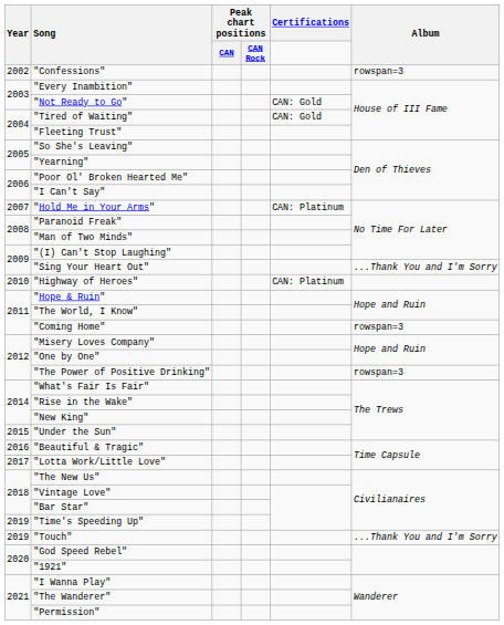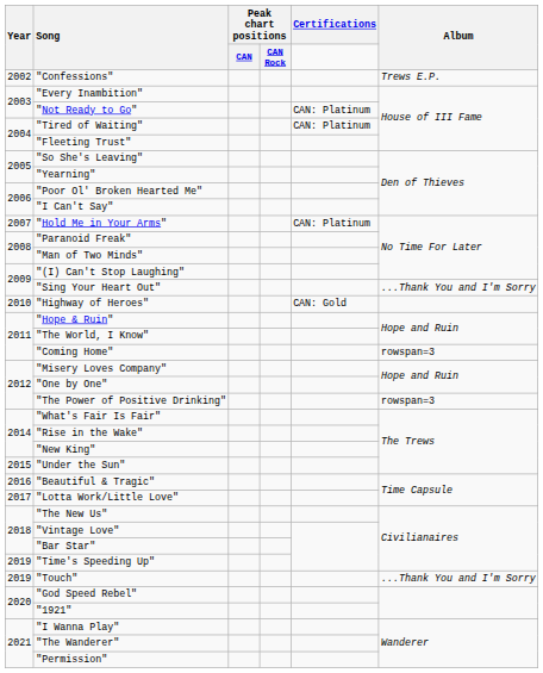 <table class="wikitable">
 <tr>
 <th style="text-align:center;" rowspan="2">Year</th>
 <th style="text-align:left;" rowspan="2">Song</th>
 <th scope="col" colspan="2">Peak chart positions</th>
 <th scope="col"><a href='#'>Certifications</a></th>
 <th style="text-align:center;" rowspan="2">Album</th>
 </tr>
 <tr>
 <th scope="col" style="width:3em;font-size:90%;"><a href='#'>CAN</a><br></th>
 <th scope="col" style="width:3em;font-size:90%;"><a href='#'>CAN<br>Rock</a><br></th>
 </tr>
 <tr>
 <td>2002</td>
 <td>"Confessions"</td>
 <td></td>
 <td></td>
 <td></td>
-<td>rowspan=3 </td>
+<td><em>Trews E.P.</em></td>
 </tr>
 <tr>
 <td rowspan="2">2003</td>
 <td>"Every Inambition"</td>
 <td></td>
 <td></td>
 <td></td>
 <td rowspan="4"><em>House of III Fame</em></td>
 </tr>
 <tr>
 <td>"<a href='#'>Not Ready to Go</a>"</td>
 <td></td>
 <td></td>
-<td>CAN: Gold</td>
+<td>CAN: Platinum</td>
 </tr>
 <tr>
 <td rowspan="2">2004</td>
 <td>"Tired of Waiting"</td>
 <td></td>
 <td></td>
-<td>CAN: Gold</td>
+<td>CAN: Platinum</td>
 </tr>
 <tr>
 <td>"Fleeting Trust"</td>
 <td></td>
 <td></td>
 <td></td>
 </tr>
 <tr>
 <td rowspan="2">2005</td>
 <td>"So She's Leaving"</td>
 <td></td>
 <td></td>
 <td></td>
 <td rowspan="4"><em>Den of Thieves</em></td>
 </tr>
 <tr>
 <td>"Yearning"</td>
 <td></td>
 <td></td>
 <td></td>
 </tr>
 <tr>
 <td rowspan="2">2006</td>
 <td>"Poor Ol' Broken Hearted Me"</td>
 <td></td>
 <td></td>
 <td></td>
 </tr>
 <tr>
 <td>"I Can't Say"</td>
 <td></td>
 <td></td>
 <td></td>
 </tr>
 <tr>
 <td>2007</td>
 <td>"<a href='#'>Hold Me in Your Arms</a>"</td>
 <td></td>
 <td></td>
 <td>CAN: Platinum</td>
 <td rowspan="4"><em>No Time For Later</em></td>
 </tr>
 <tr>
 <td rowspan="2">2008</td>
 <td>"Paranoid Freak"</td>
 <td></td>
 <td></td>
 <td></td>
 </tr>
 <tr>
 <td>"Man of Two Minds"</td>
 <td></td>
 <td></td>
 <td></td>
 </tr>
 <tr>
 <td rowspan="2">2009</td>
 <td>"(I) Can't Stop Laughing"</td>
 <td></td>
 <td></td>
 <td></td>
 </tr>
 <tr>
 <td>"Sing Your Heart Out"</td>
 <td></td>
 <td></td>
 <td></td>
 <td><em>...Thank You and I'm Sorry</em></td>
 </tr>
 <tr>
 <td>2010</td>
 <td>"Highway of Heroes"</td>
 <td></td>
 <td></td>
-<td>CAN: Platinum</td>
+<td>CAN: Gold</td>
 <td></td>
 </tr>
 <tr>
 <td rowspan="3">2011</td>
 <td>"<a href='#'>Hope & Ruin</a>"</td>
 <td></td>
 <td></td>
 <td></td>
 <td rowspan="2"><em>Hope and Ruin</em></td>
 </tr>
 <tr>
 <td>"The World, I Know"</td>
 <td></td>
 <td></td>
 <td></td>
 </tr>
 <tr>
 <td>"Coming Home"</td>
 <td></td>
 <td></td>
 <td></td>
 <td>rowspan=3 </td>
 </tr>
 <tr>
 <td rowspan="3">2012</td>
 <td>"Misery Loves Company"</td>
 <td></td>
 <td></td>
 <td></td>
 <td rowspan="2"><em>Hope and Ruin</em></td>
 </tr>
 <tr>
 <td>"One by One"</td>
 <td></td>
 <td></td>
 <td></td>
 </tr>
 <tr>
 <td>"The Power of Positive Drinking"</td>
 <td></td>
 <td></td>
 <td></td>
 <td>rowspan=3 </td>
 </tr>
 <tr>
 <td rowspan="3">2014</td>
 <td>"What's Fair Is Fair"</td>
 <td></td>
 <td></td>
 <td></td>
 <td rowspan="4"><em>The Trews</em></td>
 </tr>
 <tr>
 <td>"Rise in the Wake"</td>
 <td></td>
 <td></td>
 <td></td>
 </tr>
 <tr>
 <td>"New King"</td>
 <td></td>
 <td></td>
 <td></td>
 </tr>
 <tr>
 <td>2015</td>
 <td>"Under the Sun"</td>
 <td></td>
 <td></td>
 <td></td>
 </tr>
 <tr>
 <td>2016</td>
 <td>"Beautiful & Tragic"</td>
 <td></td>
 <td></td>
 <td></td>
 <td rowspan="2"><em>Time Capsule</em></td>
 </tr>
 <tr>
 <td>2017</td>
 <td>"Lotta Work/Little Love"</td>
 <td></td>
 <td></td>
 </tr>
 <tr>
 <td rowspan="3">2018</td>
 <td>"The New Us"</td>
 <td></td>
 <td></td>
 <td></td>
 <td rowspan="4"><em>Civilianaires</em></td>
 </tr>
 <tr>
 <td>"Vintage Love"</td>
 <td></td>
 <td></td>
 </tr>
 <tr>
 <td>"Bar Star"</td>
 <td></td>
 <td></td>
 </tr>
 <tr>
 <td>2019</td>
 <td>"Time's Speeding Up"</td>
 <td></td>
 <td></td>
 </tr>
 <tr>
 <td>2019</td>
 <td>"Touch"</td>
 <td></td>
 <td></td>
 <td></td>
 <td><em>...Thank You and I'm Sorry</em></td>
 </tr>
 <tr>
 <td rowspan=2>2020</td>
 <td>"God Speed Rebel"</td>
 <td></td>
 <td></td>
 <td></td>
 </tr>
 <tr>
 <td>"1921"</td>
 <td></td>
 <td></td>
 <td></td>
 </tr>
 <tr>
 <td rowspan=3>2021</td>
 <td>"I Wanna Play"</td>
 <td></td>
 <td></td>
 <td></td>
 <td rowspan=3><em>Wanderer</em></td>
 </tr>
 <tr>
 <td>"The Wanderer"</td>
 <td></td>
 <td></td>
 <td></td>
 </tr>
 <tr>
 <td>"Permission"</td>
 <td></td>
 <td></td>
 <td></td>
 </tr>
 </table>
